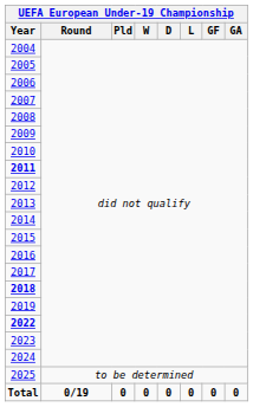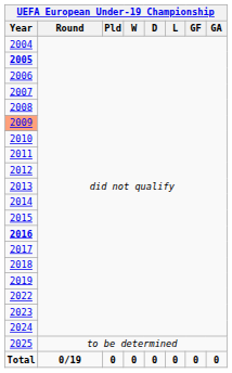 <table class="wikitable" style="text-align: center;font-size:90%;">
 <tr>
 <th colspan=8><a href='#'>UEFA European Under-19 Championship</a></th>
 </tr>
 <tr>
 <th>Year</th>
 <th width=75>Round</th>
 <th width=20>Pld</th>
 <th width=20>W</th>
 <th width=20>D</th>
 <th width=20>L</th>
 <th width=20>GF</th>
 <th width=20>GA</th>
 </tr>
 <tr>
 <td> <a href='#'>2004</a></td>
 <td rowspan=19 colspan=7><em>did not qualify</em></td>
 </tr>
 <tr>
-<td> <a href='#'>2005</a></td>
+<td><strong> <a href='#'>2005</a></strong></td>
 </tr>
 <tr>
 <td> <a href='#'>2006</a></td>
 </tr>
 <tr>
 <td> <a href='#'>2007</a></td>
 </tr>
 <tr>
 <td> <a href='#'>2008</a></td>
 </tr>
 <tr>
-<td> <a href='#'>2009</a></td>
+<td style="background: lightsalmon;"> <a href='#'>2009</a></td>
 </tr>
 <tr>
 <td> <a href='#'>2010</a></td>
 </tr>
 <tr>
-<td><strong> <a href='#'>2011</a></strong></td>
+<td> <a href='#'>2011</a></td>
 </tr>
 <tr>
 <td> <a href='#'>2012</a></td>
 </tr>
 <tr>
 <td> <a href='#'>2013</a></td>
 </tr>
 <tr>
 <td> <a href='#'>2014</a></td>
 </tr>
 <tr>
 <td> <a href='#'>2015</a></td>
 </tr>
 <tr>
-<td> <a href='#'>2016</a></td>
+<td><strong> <a href='#'>2016</a></strong></td>
 </tr>
 <tr>
 <td> <a href='#'>2017</a></td>
 </tr>
 <tr>
-<td><strong> <a href='#'>2018</a></strong></td>
+<td> <a href='#'>2018</a></td>
 </tr>
 <tr>
 <td> <a href='#'>2019</a></td>
 </tr>
 <tr>
-<td><strong> <a href='#'>2022</a></strong></td>
+<td> <a href='#'>2022</a></td>
 </tr>
 <tr>
 <td> <a href='#'>2023</a></td>
 </tr>
 <tr>
 <td> <a href='#'>2024</a></td>
 </tr>
 <tr>
 <td> <a href='#'>2025</a></td>
 <td colspan=7><em>to be determined</em></td>
 </tr>
 <tr>
 <td><strong>Total</strong></td>
 <td><strong>0/19</strong></td>
 <td><strong>0</strong></td>
 <td><strong>0</strong></td>
 <td><strong>0</strong></td>
 <td><strong>0</strong></td>
 <td><strong>0</strong></td>
 <td><strong>0</strong></td>
 </tr>
 </table>
